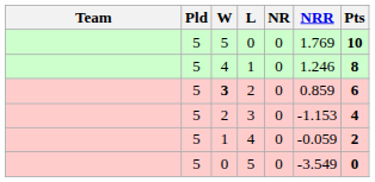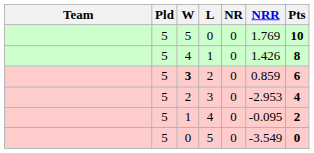 <table class="wikitable" style="text-align:center">
 <tr>
 <th width=175>Team</th>
 <th width=20 abbr="Played">Pld</th>
 <th width=20 abbr="Won">W</th>
 <th width=20 abbr="Lost">L</th>
 <th width=20 abbr="No result">NR</th>
 <th width=20 abbr="Net run rate"><a href='#'>NRR</a></th>
 <th width=20 abbr="Points">Pts</th>
 </tr>
 <tr bgcolor="#ccffcc">
 <td align="left"></td>
 <td>5</td>
 <td>5</td>
 <td>0</td>
 <td>0</td>
 <td>1.769</td>
 <td><strong>10</strong></td>
 </tr>
 <tr bgcolor="#ccffcc">
 <td align="left"></td>
 <td>5</td>
 <td>4</td>
 <td>1</td>
 <td>0</td>
-<td>1.246</td>
+<td>1.426</td>
 <td><strong>8</strong></td>
 </tr>
 <tr bgcolor="#ffcccc">
 <td align="left"></td>
 <td>5</td>
 <td><strong>3</strong></td>
 <td>2</td>
 <td>0</td>
 <td>0.859</td>
 <td><strong>6</strong></td>
 </tr>
 <tr bgcolor="#ffcccc">
 <td align="left"></td>
 <td>5</td>
 <td>2</td>
 <td>3</td>
 <td>0</td>
-<td>-1.153</td>
+<td>-2.953</td>
 <td><strong>4</strong></td>
 </tr>
 <tr bgcolor="#ffcccc">
 <td align="left"></td>
 <td>5</td>
 <td>1</td>
 <td>4</td>
 <td>0</td>
-<td>-0.059</td>
+<td>-0.095</td>
 <td><strong>2</strong></td>
 </tr>
 <tr bgcolor="#ffcccc">
 <td align="left"></td>
 <td>5</td>
 <td>0</td>
 <td>5</td>
 <td>0</td>
 <td>-3.549</td>
 <td><strong>0</strong></td>
 </tr>
 </table>
